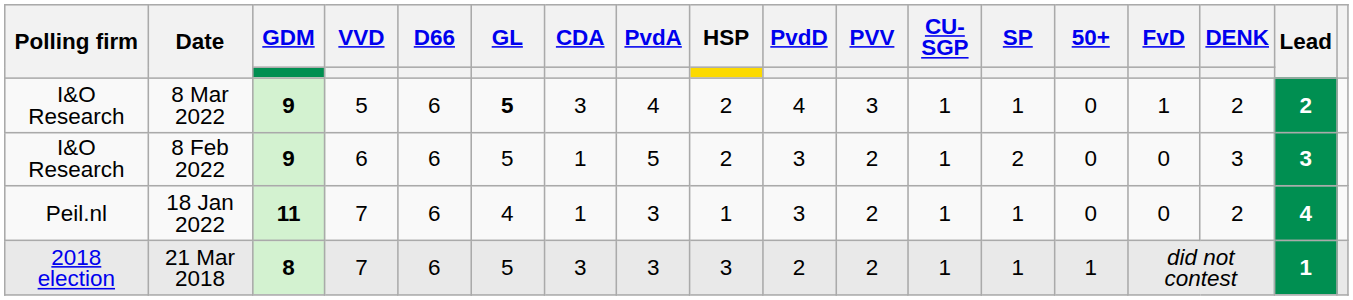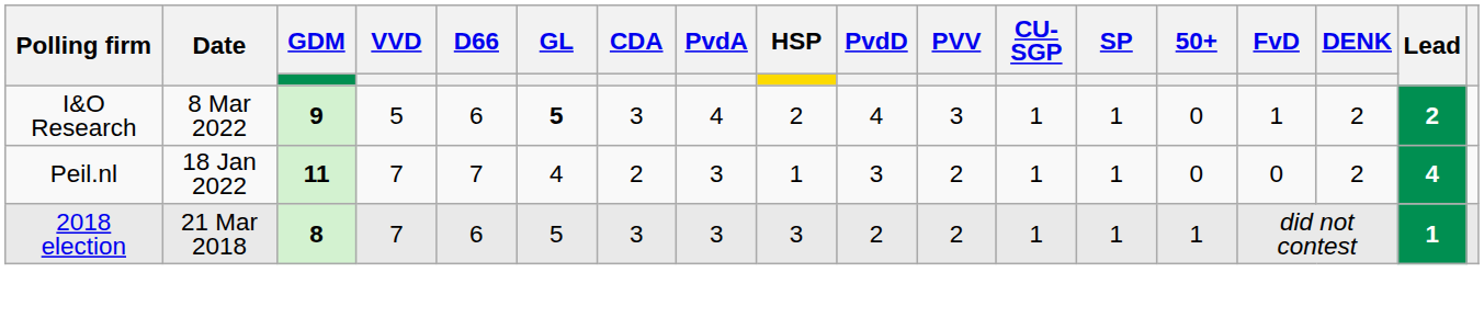 <table class="wikitable sortable" style="text-align:center;font-size:90%;line-height:14px;">
 <tr style="height:40px;">
 <th style="width:85px;" rowspan="2">Polling firm</th>
 <th style="width:60px;" rowspan="2">Date</th>
 <th class="unsortable" style="width:40px;"><a href='#'>GDM</a></th>
 <th class="unsortable" style="width:40px;"><a href='#'>VVD</a></th>
 <th class="unsortable" style="width:40px;"><a href='#'>D66</a></th>
 <th class="unsortable" style="width:40px;"><a href='#'>GL</a></th>
 <th class="unsortable" style="width:40px;"><a href='#'>CDA</a></th>
 <th class="unsortable" style="width:40px;"><a href='#'>PvdA</a></th>
 <th class="unsortable" style="width:40px;">HSP </th>
 <th class="unsortable" style="width:40px;"><a href='#'>PvdD</a></th>
 <th class="unsortable" style="width:40px;"><a href='#'>PVV</a></th>
 <th class="unsortable" style="width:40px;"><a href='#'>CU-SGP</a></th>
 <th class="unsortable" style="width:40px;"><a href='#'>SP</a></th>
 <th class="unsortable" style="width:40px;"><a href='#'>50+</a></th>
 <th class="unsortable" style="width:40px;"><a href='#'>FvD</a></th>
 <th class="unsortable" style="width:40px;"><a href='#'>DENK</a></th>
 <th style="width:30px;" rowspan="2">Lead</th>
 <th rowspan="2" class="unsortable"></th>
 </tr>
 <tr>
 <th style="background:#008f51;"></th>
 <th style="background:"></th>
 <th style="background:"></th>
 <th style="background:"></th>
 <th style="background:"></th>
 <th style="background:"></th>
 <th style="background:#fcda00;"></th>
 <th style="background:"></th>
 <th style="background:"></th>
 <th style="background:"></th>
 <th style="background:"></th>
 <th style="background:"></th>
 <th style="background:"></th>
 <th style="background:"></th>
 </tr>
 <tr>
 <td>I&O Research</td>
 <td data-sort-value="2022-03-08">8 Mar 2022</td>
 <td style="background:#D3F2D0"><strong>9</strong></td>
 <td>5</td>
 <td>6</td>
 <td><strong>5</strong></td>
 <td>3</td>
 <td>4</td>
 <td>2</td>
 <td>4</td>
 <td>3</td>
 <td>1</td>
 <td>1</td>
 <td>0</td>
 <td>1</td>
 <td>2</td>
 <td style="background:#008f51;color:#FFFFFF"><strong>2</strong></td>
 <td></td>
 </tr>
 <tr>
-<td>I&O Research</td>
-<td data-sort-value="2022-02-08">8 Feb 2022</td>
-<td style="background:#D3F2D0"><strong>9</strong></td>
-<td>6</td>
-<td>6</td>
-<td>5</td>
-<td>1</td>
-<td>5</td>
-<td>2</td>
-<td>3</td>
-<td>2</td>
-<td>1</td>
-<td>2</td>
-<td>0</td>
-<td>0</td>
-<td>3</td>
-<td style="background:#008f51;color:#FFFFFF"><strong>3</strong></td>
-<td></td>
-</tr>
-<tr>
 <td>Peil.nl</td>
 <td data-sort-value="2022-01-18">18 Jan 2022</td>
 <td style="background:#D3F2D0"><strong>11</strong></td>
 <td>7</td>
-<td>6</td>
+<td>7</td>
 <td>4</td>
-<td>1</td>
+<td>2</td>
 <td>3</td>
 <td>1</td>
 <td>3</td>
 <td>2</td>
 <td>1</td>
 <td>1</td>
 <td>0</td>
 <td>0</td>
 <td>2</td>
 <td style="background:#008f51;color:#FFFFFF"><strong>4</strong></td>
 <td></td>
 </tr>
 <tr style="background-color:#E9E9E9">
 <td><a href='#'>2018 election</a></td>
 <td data-sort-value="2018-03-21">21 Mar 2018</td>
 <td style="background:#D3F2D0"><strong>8</strong></td>
 <td>7</td>
 <td>6</td>
 <td>5</td>
 <td>3</td>
 <td>3</td>
 <td>3</td>
 <td>2</td>
 <td>2</td>
 <td>1</td>
 <td>1</td>
 <td>1</td>
 <td colspan=2><em>did not contest</em></td>
 <td style="background:#008f51;color:#FFFFFF"><strong>1</strong></td>
 <td></td>
 </tr>
 </table>
